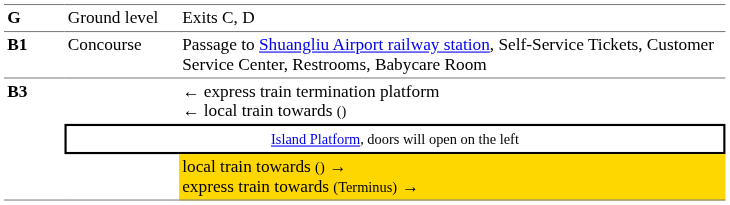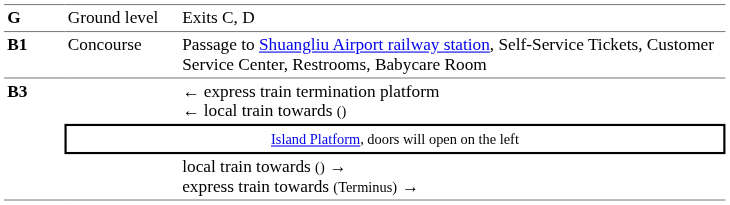 <table style="border-spacing:0;">
 <tr>
 <td style="border-bottom:solid 1px gray;border-top:solid 1px gray;width:50px;vertical-align:top;padding:3px;"><strong>G</strong></td>
 <td style="border-top:solid 1px gray;border-bottom:solid 1px gray;width:100px;vertical-align:top;padding:3px;">Ground level</td>
 <td style="border-top:solid 1px gray;border-bottom:solid 1px gray;width:500px;vertical-align:top;padding:3px;">Exits C, D</td>
 </tr>
 <tr>
 <td style="border-bottom:solid 1px gray;vertical-align:top;padding:3px;"><strong>B1</strong></td>
 <td style="border-bottom:solid 1px gray;vertical-align:top;padding:3px;">Concourse</td>
 <td style="border-bottom:solid 1px gray;padding:3px;">Passage to <a href='#'>Shuangliu Airport railway station</a>, Self-Service Tickets, Customer Service Center, Restrooms, Babycare Room</td>
 </tr>
 <tr>
 <td style="border-bottom:solid 1px gray;vertical-align:top;padding:3px;" rowspan=3><strong>B3</strong></td>
 <td style="padding:3px;"></td>
 <td style="padding:3px;">←  express train termination platform<br>←  local train towards  <small> ()</small></td>
 </tr>
 <tr>
 <td style="border:solid 2px black;text-align:center;padding:3px;" colspan=3><small><a href='#'>Island Platform</a>, doors will open on the left</small></td>
 </tr>
 <tr>
 <td style="border-bottom:solid 1px gray;padding:3px;"></td>
-<td style="background: gold; border-bottom:solid 1px gray;padding:3px;">  local train towards  <small> ()</small> →<br>  express train towards  <small> (Terminus)</small> →</td>
+<td style="border-bottom:solid 1px gray;padding:3px;">  local train towards  <small> ()</small> →<br>  express train towards  <small> (Terminus)</small> →</td>
 </tr>
 </table>
